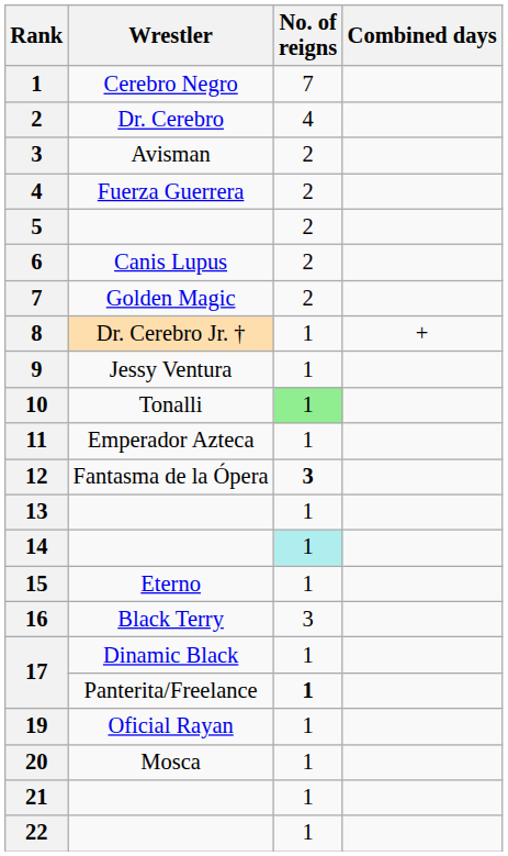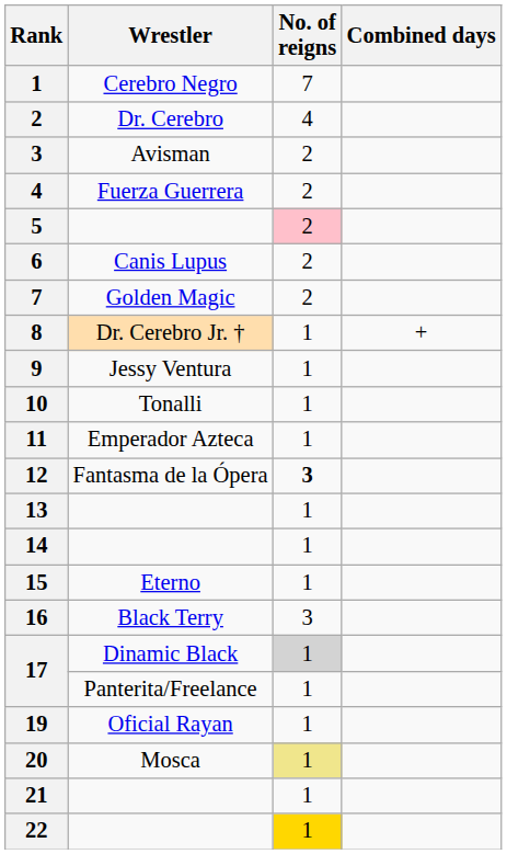 <table class="wikitable sortable" style="text-align: center">
 <tr>
 <th>Rank</th>
 <th>Wrestler</th>
 <th>No. of<br>reigns</th>
 <th>Combined days</th>
 </tr>
 <tr>
 <th>1</th>
 <td><a href='#'>Cerebro Negro</a></td>
 <td>7</td>
 <td></td>
 </tr>
 <tr>
 <th>2</th>
 <td><a href='#'>Dr. Cerebro</a></td>
 <td>4</td>
 <td></td>
 </tr>
 <tr>
 <th>3</th>
 <td>Avisman</td>
 <td>2</td>
 <td></td>
 </tr>
 <tr>
 <th>4</th>
 <td><a href='#'>Fuerza Guerrera</a></td>
 <td>2</td>
 <td></td>
 </tr>
 <tr>
 <th>5</th>
 <td></td>
-<td>2</td>
+<td style="background: pink;">2</td>
 <td></td>
 </tr>
 <tr>
 <th>6</th>
 <td><a href='#'>Canis Lupus</a></td>
 <td>2</td>
 <td></td>
 </tr>
 <tr>
 <th>7</th>
 <td><a href='#'>Golden Magic</a></td>
 <td>2</td>
 <td></td>
 </tr>
 <tr>
 <th>8</th>
 <td style="background: #ffdead;">Dr. Cerebro Jr. †</td>
 <td>1</td>
 <td>+</td>
 </tr>
 <tr>
 <th>9</th>
 <td>Jessy Ventura</td>
 <td>1</td>
 <td></td>
 </tr>
 <tr>
 <th>10</th>
 <td>Tonalli</td>
-<td style="background: lightgreen;">1</td>
+<td>1</td>
 <td></td>
 </tr>
 <tr>
 <th>11</th>
 <td>Emperador Azteca</td>
 <td>1</td>
 <td></td>
 </tr>
 <tr>
 <th>12</th>
 <td>Fantasma de la Ópera</td>
 <td><strong>3</strong></td>
 <td></td>
 </tr>
 <tr>
 <th>13</th>
 <td></td>
 <td>1</td>
 <td></td>
 </tr>
 <tr>
 <th>14</th>
 <td></td>
-<td style="background: paleturquoise;">1</td>
+<td>1</td>
 <td></td>
 </tr>
 <tr>
 <th>15</th>
 <td><a href='#'>Eterno</a></td>
 <td>1</td>
 <td></td>
 </tr>
 <tr>
 <th>16</th>
 <td><a href='#'>Black Terry</a></td>
 <td>3</td>
 <td></td>
 </tr>
 <tr>
 <th rowspan=2>17</th>
 <td><a href='#'>Dinamic Black</a></td>
-<td>1</td>
+<td style="background: lightgrey;">1</td>
 <td></td>
 </tr>
 <tr>
 <td>Panterita/Freelance</td>
-<td><strong>1</strong></td>
+<td>1</td>
 <td></td>
 </tr>
 <tr>
 <th>19</th>
 <td><a href='#'>Oficial Rayan</a></td>
 <td>1</td>
 <td></td>
 </tr>
 <tr>
 <th>20</th>
 <td>Mosca</td>
-<td>1</td>
+<td style="background: khaki;">1</td>
 <td></td>
 </tr>
 <tr>
 <th>21</th>
 <td></td>
 <td>1</td>
 <td></td>
 </tr>
 <tr>
 <th>22</th>
 <td></td>
-<td>1</td>
+<td style="background: gold;">1</td>
 <td></td>
 </tr>
 </table>
